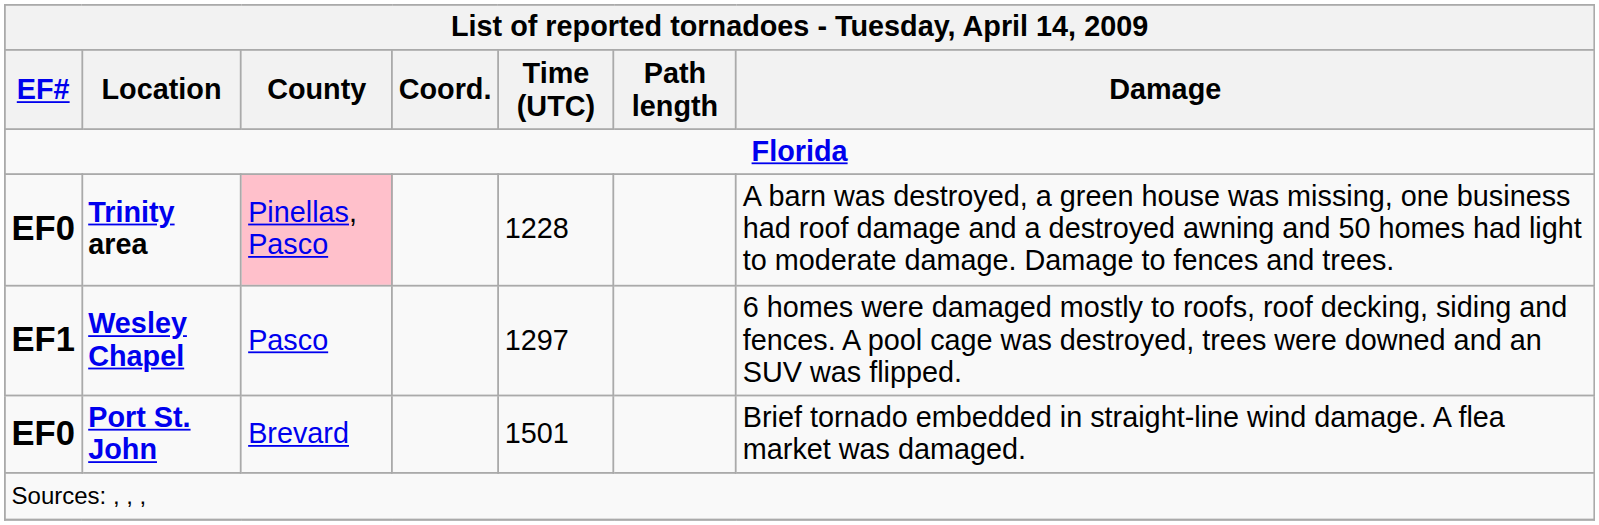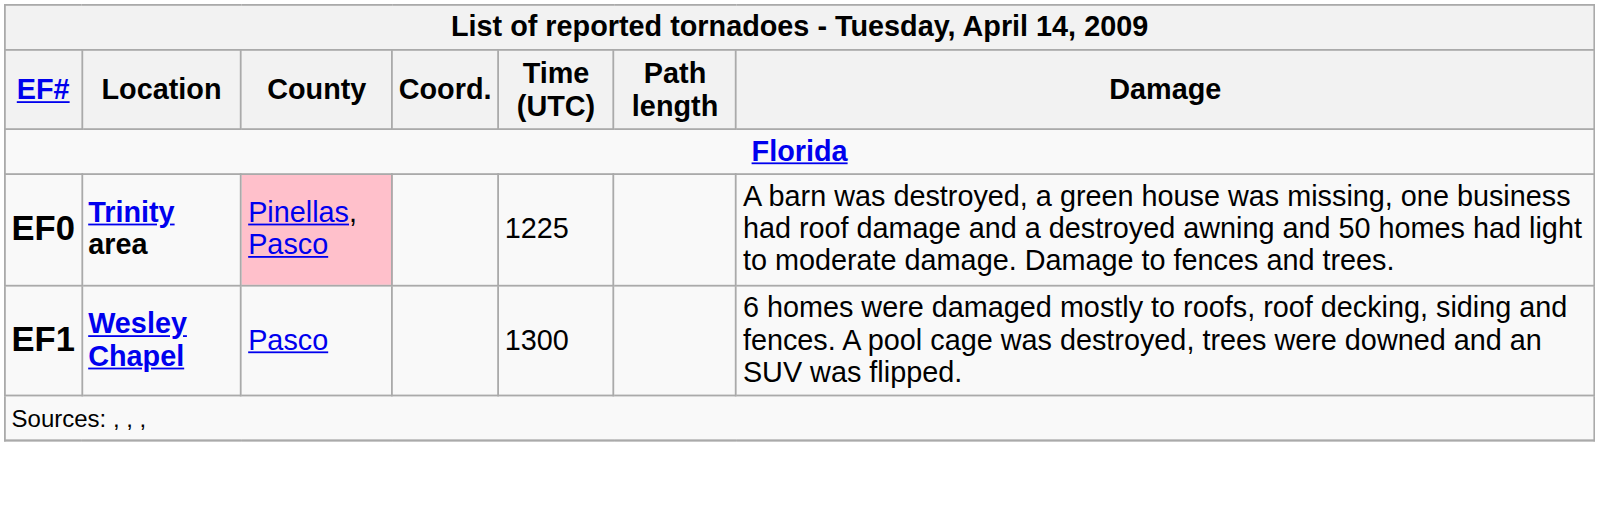 <table class="wikitable collapsible" width="100%">
 <tr>
 <th colspan="7">List of reported tornadoes - Tuesday, April 14, 2009</th>
 </tr>
 <tr>
 <th><a href='#'>EF#</a></th>
 <th>Location</th>
 <th>County</th>
 <th>Coord.</th>
 <th>Time (UTC)</th>
 <th>Path length</th>
 <th>Damage</th>
 </tr>
 <tr>
 <td colspan="7" align=center><strong><a href='#'>Florida</a></strong></td>
 </tr>
 <tr>
 <td><big><strong>EF0</strong></big></td>
 <td><strong><a href='#'>Trinity</a> area</strong></td>
 <td style="background: pink;"><a href='#'>Pinellas</a>, <a href='#'>Pasco</a></td>
 <td></td>
-<td>1228</td>
+<td>1225</td>
 <td></td>
 <td>A barn was destroyed, a green house was missing, one business had roof damage and a destroyed awning and 50 homes had light to moderate damage. Damage to fences and trees.</td>
 </tr>
 <tr>
 <td><big><strong>EF1</strong></big></td>
 <td><strong><a href='#'>Wesley Chapel</a></strong></td>
 <td><a href='#'>Pasco</a></td>
 <td></td>
-<td>1297</td>
+<td>1300</td>
 <td></td>
 <td>6 homes were damaged mostly to roofs, roof decking, siding and fences. A pool cage was destroyed, trees were downed and an SUV was flipped.</td>
-</tr>
-<tr>
-<td><big><strong>EF0</strong></big></td>
-<td><strong><a href='#'>Port St. John</a></strong></td>
-<td><a href='#'>Brevard</a></td>
-<td></td>
-<td>1501</td>
-<td></td>
-<td>Brief tornado embedded in straight-line wind damage. A flea market was damaged.</td>
 </tr>
 <tr>
 <td colspan="7"><small>Sources: , , , </small></td>
 </tr>
 <tr>
 </tr>
 </table>
